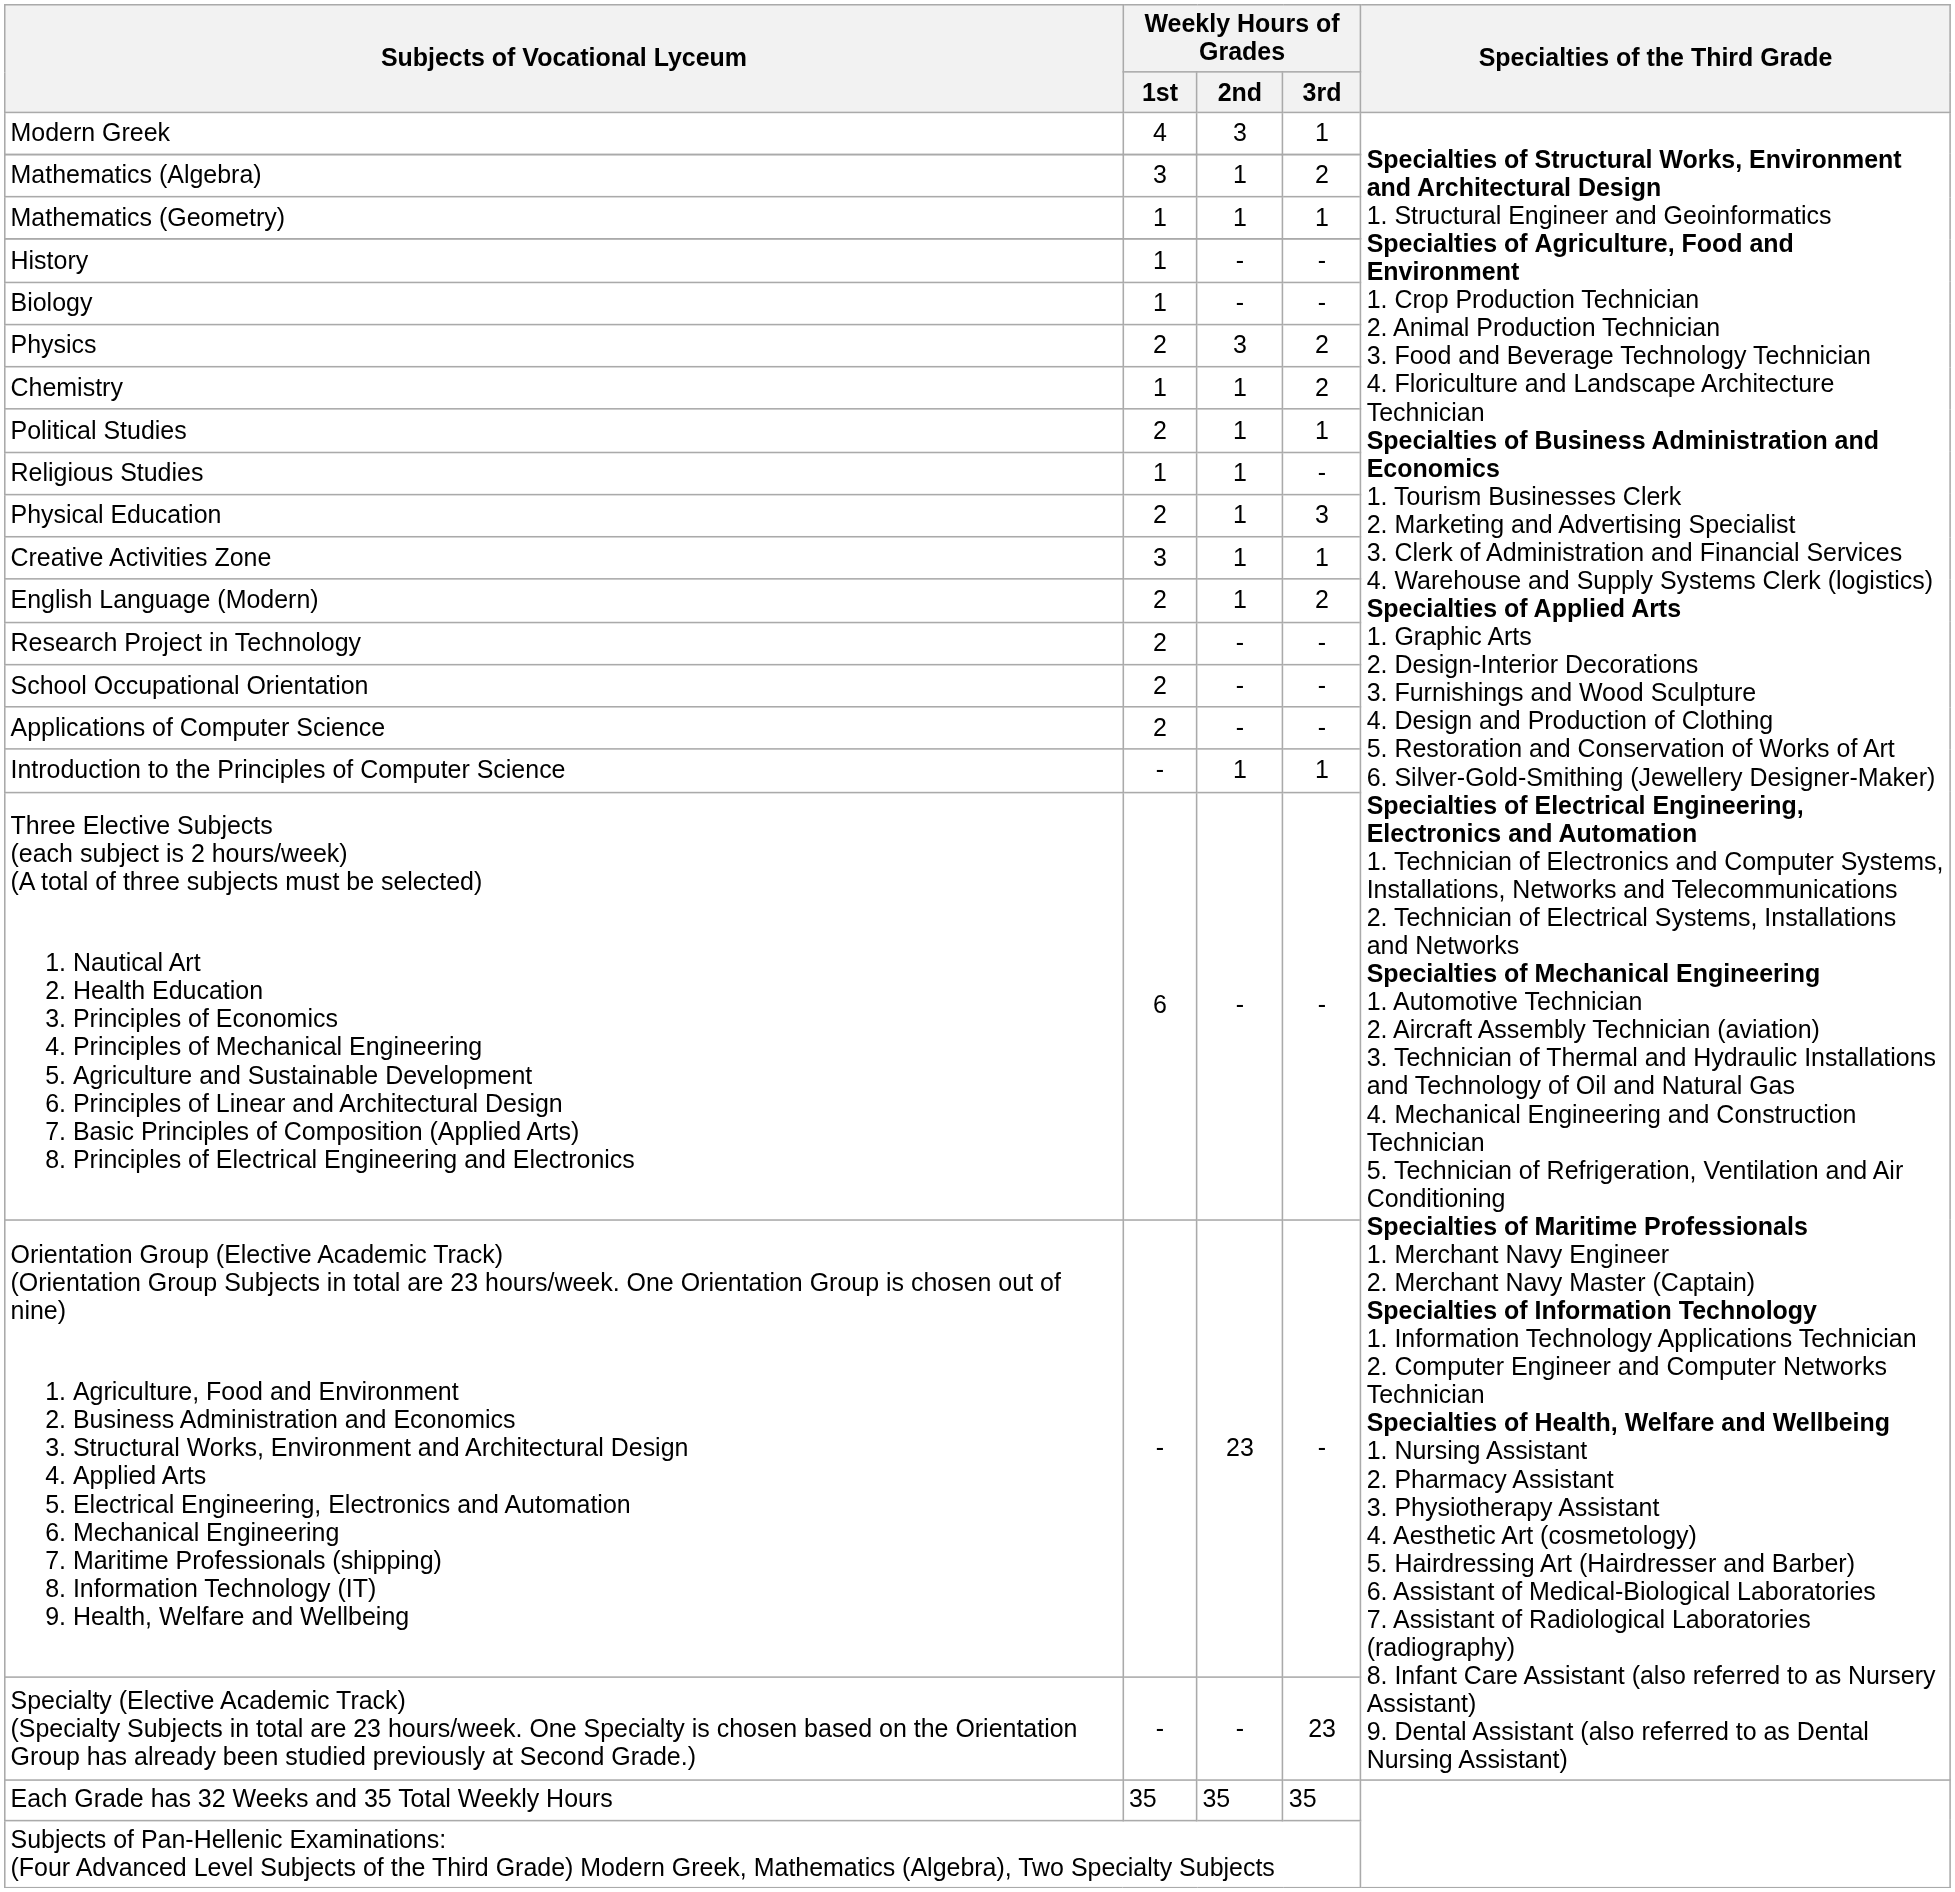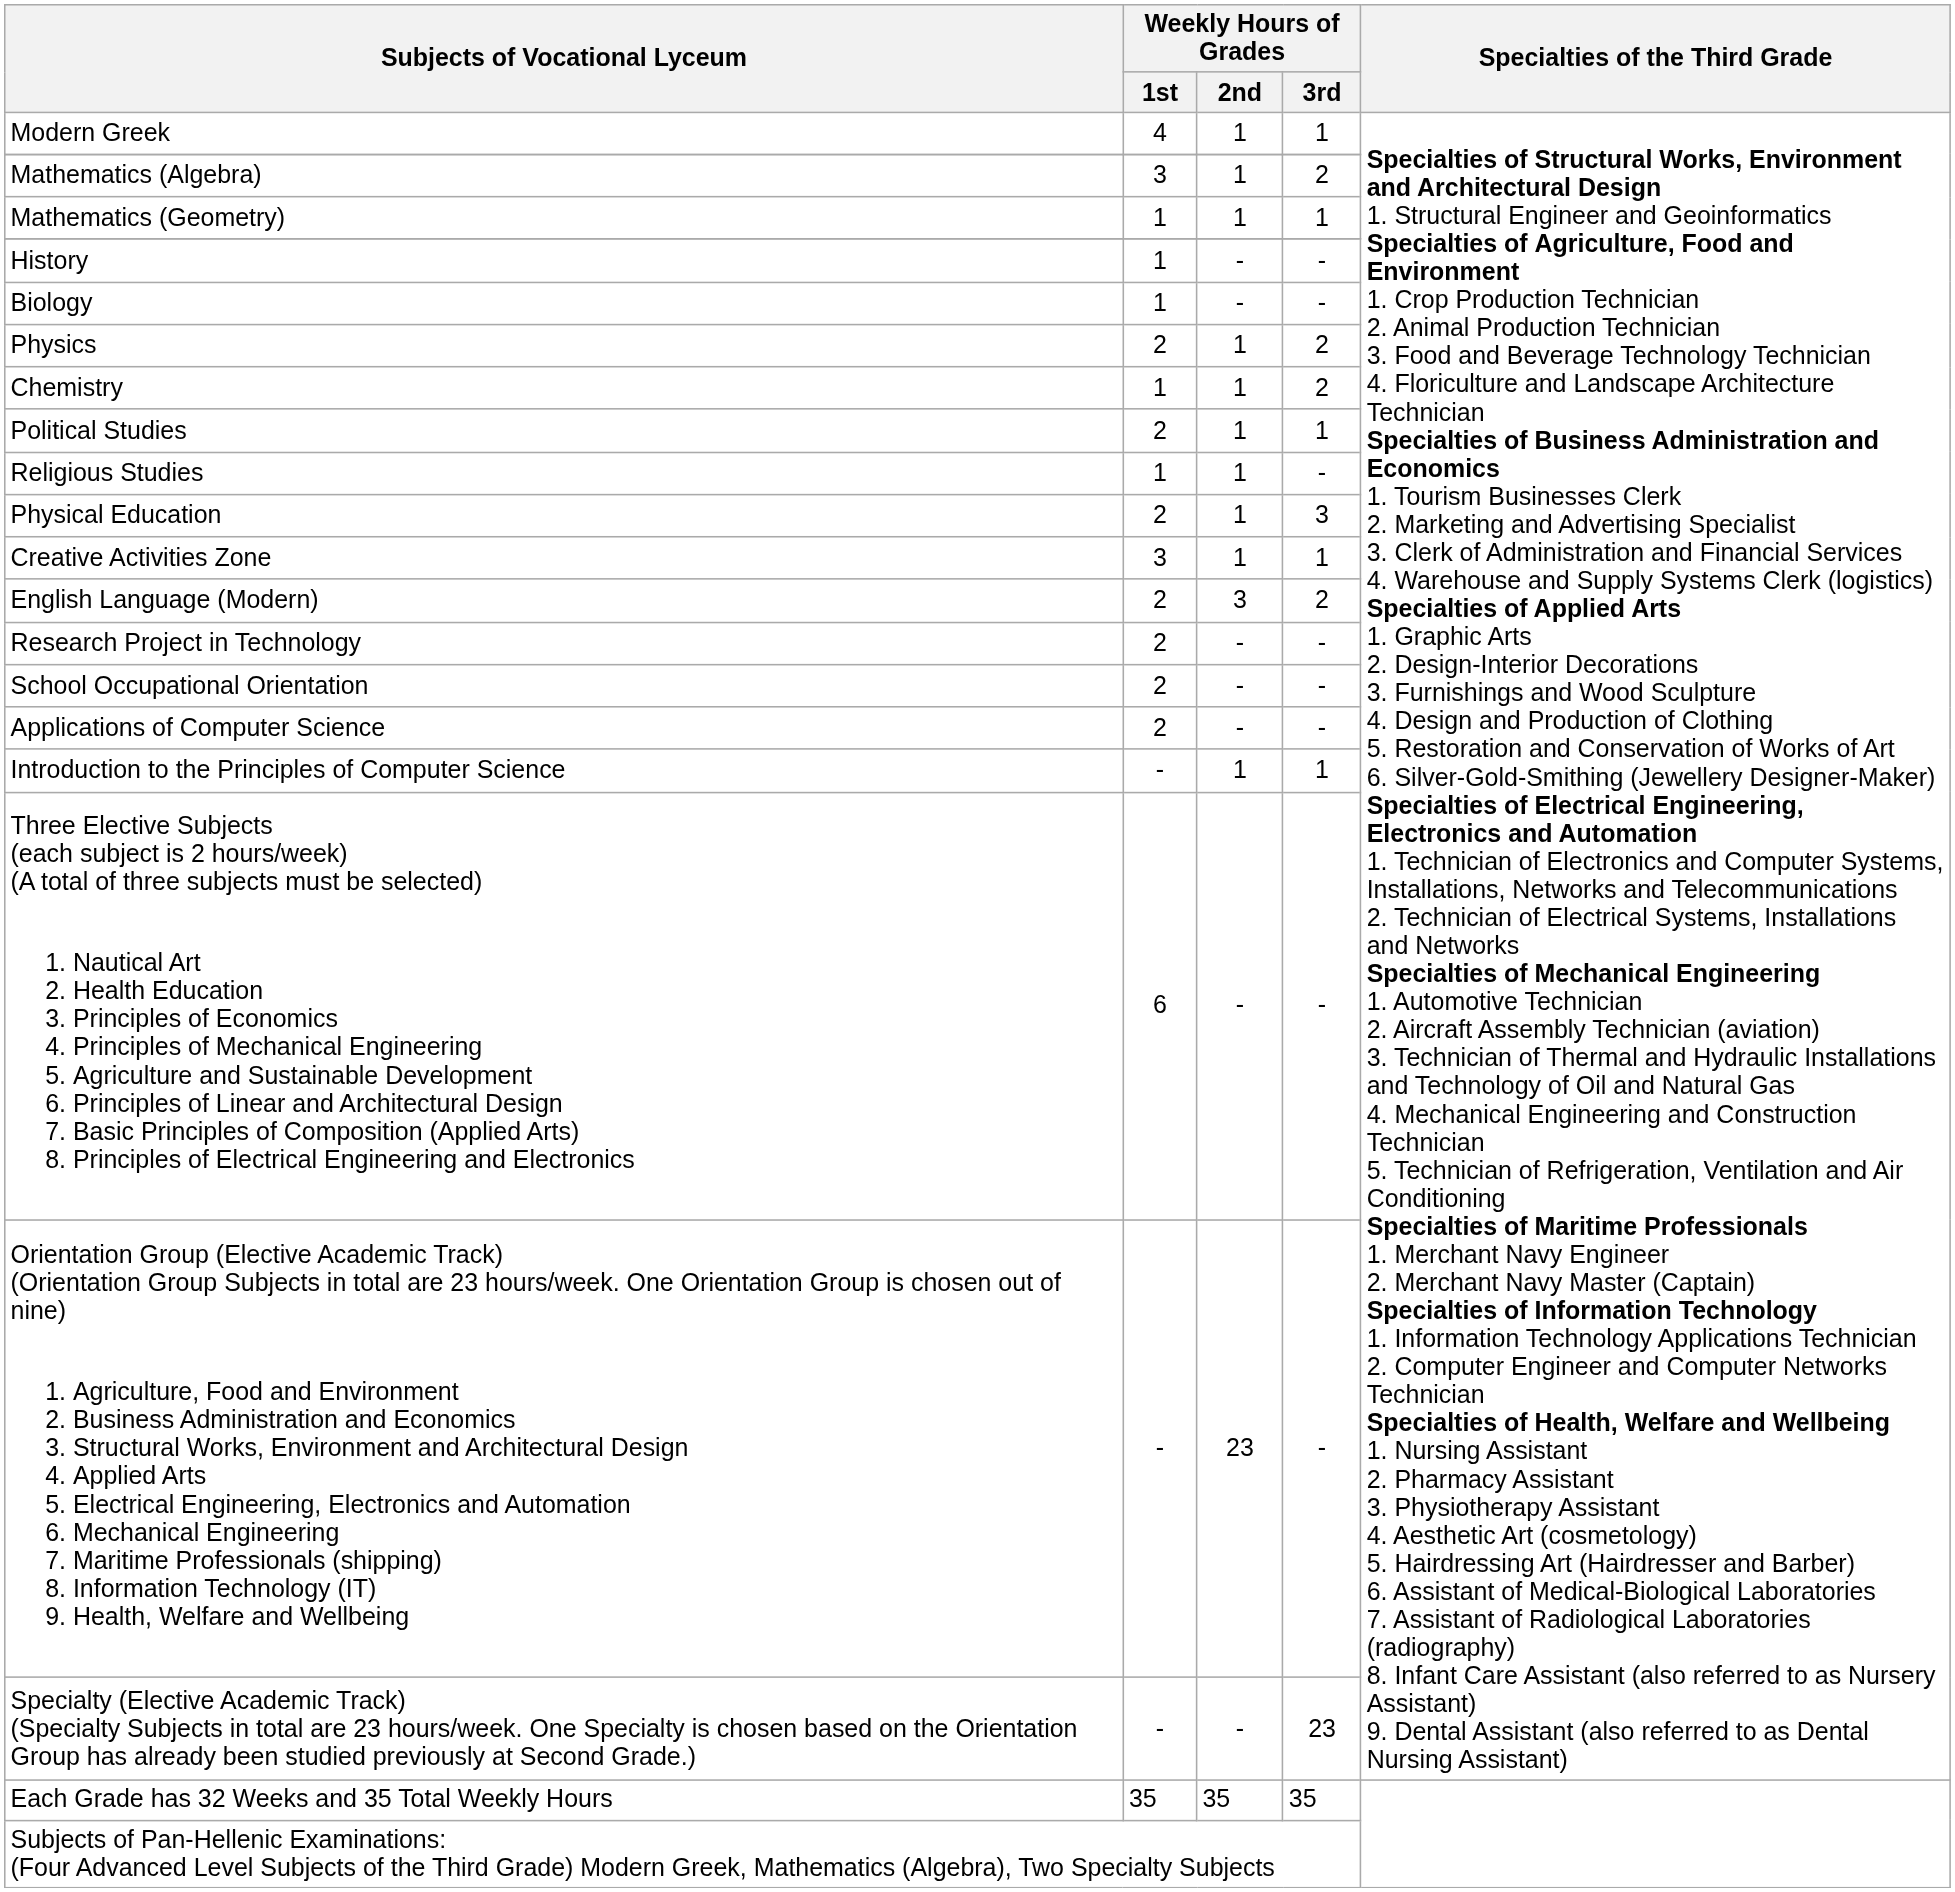 <table class="wikitable" style="background:transparent;">
 <tr>
 <th rowspan="2">Subjects of Vocational Lyceum</th>
 <th colspan="3">Weekly Hours of Grades</th>
 <th rowspan="2">Specialties of the Third Grade</th>
 </tr>
 <tr style="text-align:center;">
 <th>1st</th>
 <th>2nd</th>
 <th>3rd</th>
 </tr>
 <tr style="text-align:center;">
 <td style="text-align:left;">Modern Greek</td>
 <td>4</td>
-<td>3</td>
+<td>1</td>
 <td>1</td>
 <td rowspan="21" style="text-align:left;"><br><strong>Specialties of Structural Works, Environment and Architectural Design</strong><br>1. Structural Engineer and Geoinformatics<br><strong>Specialties of Αgriculture, Food and Environment</strong><br>1. Crop Production Technician<br>2. Animal Production Technician<br>3. Food and Beverage Technology Technician<br>4. Floriculture and Landscape Architecture Technician<br><strong>Specialties of Business Administration and Economics</strong><br>1. Tourism Businesses Clerk<br>2. Marketing and Advertising Specialist<br>3. Clerk of Administration and Financial Services<br>4. Warehouse and Supply Systems Clerk (logistics)<br><strong>Specialties of Applied Arts</strong><br>1. Graphic Arts<br>2. Design-Interior Decorations<br>3. Furnishings and Wood Sculpture<br>4. Design and Production of Clothing<br>5. Restoration and Conservation of Works of Art<br>6. Silver-Gold-Smithing (Jewellery Designer-Maker)<br><strong>Specialties of Electrical Engineering, Electronics and Automation</strong><br>1. Technician of Electronics and Computer Systems, <br>Installations, Networks and Telecommunications<br>2. Technician of Electrical Systems, Installations and Networks<br><strong>Specialties of Mechanical Engineering</strong><br>1. Automotive Technician<br>2. Aircraft Assembly Technician (aviation)<br>3. Technician of Thermal and Hydraulic Installations<br>and Technology of Oil and Natural Gas<br>4. Mechanical Engineering and Construction Technician<br>5. Technician of Refrigeration, Ventilation and Air Conditioning<br><strong>Specialties of Maritime Professionals</strong><br>1. Merchant Navy Engineer<br>2. Merchant Navy Master (Captain)<br><strong>Specialties of Information Technology</strong><br>1. Information Technology Applications Technician<br>2. Computer Engineer and Computer Networks Technician<br><strong>Specialties of Health, Welfare and Wellbeing</strong><br>1. Nursing Assistant<br>2. Pharmacy Assistant<br>3. Physiotherapy Assistant<br>4. Aesthetic Art (cosmetology)<br>5. Hairdressing Art (Hairdresser and Barber)<br>6. Assistant of Medical-Biological Laboratories<br>7. Assistant of Radiological Laboratories (radiography)<br>8. Infant Care Assistant (also referred to as Nursery Assistant)<br>9. Dental Assistant (also referred to as Dental Nursing Assistant)</td>
 </tr>
 <tr>
 </tr>
 <tr style="text-align:center;">
 <td style="text-align:left;">Mathematics (Algebra)</td>
 <td>3</td>
 <td>1</td>
 <td>2</td>
 </tr>
 <tr style="text-align:center;">
 <td style="text-align:left;">Mathematics (Geometry)</td>
 <td>1</td>
 <td>1</td>
 <td>1</td>
 </tr>
 <tr>
 </tr>
 <tr style="text-align:center;">
 <td style="text-align:left;">History</td>
 <td>1</td>
 <td>-</td>
 <td>-</td>
 </tr>
 <tr style="text-align:center;">
 <td style="text-align:left;">Biology</td>
 <td>1</td>
 <td>-</td>
 <td>-</td>
 </tr>
 <tr style="text-align:center;">
 <td style="text-align:left;">Physics</td>
 <td>2</td>
-<td>3</td>
+<td>1</td>
 <td>2</td>
 </tr>
 <tr style="text-align:center;">
 <td style="text-align:left;">Chemistry</td>
 <td>1</td>
 <td>1</td>
 <td>2</td>
 </tr>
 <tr style="text-align:center;">
 <td style="text-align:left;">Political Studies</td>
 <td>2</td>
 <td>1</td>
 <td>1</td>
 </tr>
 <tr style="text-align:center;">
 <td style="text-align:left;">Religious Studies</td>
 <td>1</td>
 <td>1</td>
 <td>-</td>
 </tr>
 <tr style="text-align:center;">
 <td style="text-align:left;">Physical Education</td>
 <td>2</td>
 <td>1</td>
 <td>3</td>
 </tr>
 <tr style="text-align:center;">
 <td style="text-align:left;">Creative Activities Zone</td>
 <td>3</td>
 <td>1</td>
 <td>1</td>
 </tr>
 <tr style="text-align:center;">
 <td style="text-align:left;">English Language (Modern)</td>
 <td>2</td>
-<td>1</td>
+<td>3</td>
 <td>2</td>
 </tr>
 <tr style="text-align:center;">
 <td style="text-align:left;">Research Project in Technology</td>
 <td>2</td>
 <td>-</td>
 <td>-</td>
 </tr>
 <tr style="text-align:center;">
 <td style="text-align:left;">School Occupational Orientation</td>
 <td>2</td>
 <td>-</td>
 <td>-</td>
 </tr>
 <tr style="text-align:center;">
 <td style="text-align:left;">Applications of Computer Science</td>
 <td>2</td>
 <td>-</td>
 <td>-</td>
 </tr>
 <tr style="text-align:center;">
 <td style="text-align:left;">Introduction to the Principles of Computer Science</td>
 <td>-</td>
 <td>1</td>
 <td>1</td>
 </tr>
 <tr style="text-align:center;">
 <td style="text-align:left;">Three Elective Subjects <div> (each subject is 2 hours/week)</div> <div>(A total of three subjects must be selected)</div><br><ol><li>Nautical Art</li><li>Health Education</li><li>Principles of Economics</li><li>Principles of Mechanical Engineering</li><li>Agriculture and Sustainable Development</li><li>Principles of Linear and Architectural Design</li><li>Basic Principles of Composition (Applied Arts)</li><li>Principles of Electrical Engineering and Electronics</li></ol></td>
 <td>6</td>
 <td>-</td>
 <td>-</td>
 </tr>
 <tr style="text-align:center;">
 <td style="text-align:left;">Orientation Group (Elective Academic Track) <div>(Orientation Group Subjects in total are 23 hours/week. One Orientation Group is chosen out of nine)</div><br><ol><li>Αgriculture, Food and Environment</li><li>Business Administration and Economics</li><li>Structural Works, Environment and Architectural Design </li><li>Applied Arts</li><li>Electrical Engineering, Electronics and Automation</li><li>Mechanical Engineering</li><li>Maritime Professionals (shipping)</li><li>Information Technology (IT)</li><li>Health, Welfare and Wellbeing</li></ol></td>
 <td>-</td>
 <td>23</td>
 <td>-</td>
 </tr>
 <tr style="text-align:center;">
 <td style="text-align:left;">Specialty (Elective Academic Track) <div>(Specialty Subjects in total are 23 hours/week. One Specialty is chosen based on the Orientation Group has already been studied previously at Second Grade.)</div></td>
 <td>-</td>
 <td>-</td>
 <td>23</td>
 </tr>
 <tr>
 <td style="text-align:left;"><div>Each Grade has 32 Weeks and 35 Total Weekly Hours</div></td>
 <td>35</td>
 <td>35</td>
 <td>35</td>
 </tr>
 <tr class="expand-child">
 <td style="text-align:left;" colspan="4">Subjects of Pan-Hellenic Examinations: <div>(Four Advanced Level Subjects of the Third Grade) Modern Greek, Mathematics (Algebra), Two Specialty Subjects</div></td>
 </tr>
 </table>
